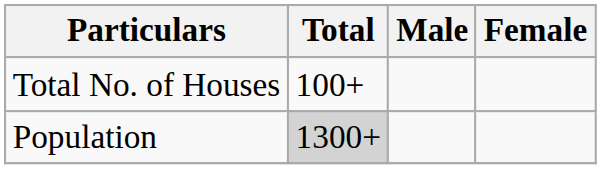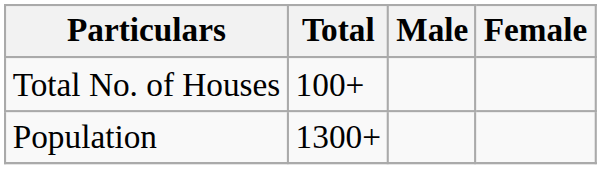 <table class="wikitable sortable">
 <tr>
 <th>Particulars</th>
 <th>Total</th>
 <th>Male</th>
 <th>Female</th>
 </tr>
 <tr>
 <td>Total No. of Houses</td>
 <td>100+</td>
 <td></td>
 <td></td>
 </tr>
 <tr>
 <td>Population</td>
-<td style="background: lightgrey;">1300+</td>
+<td>1300+</td>
 <td></td>
 <td></td>
 </tr>
 <tr>
 </tr>
 </table>
